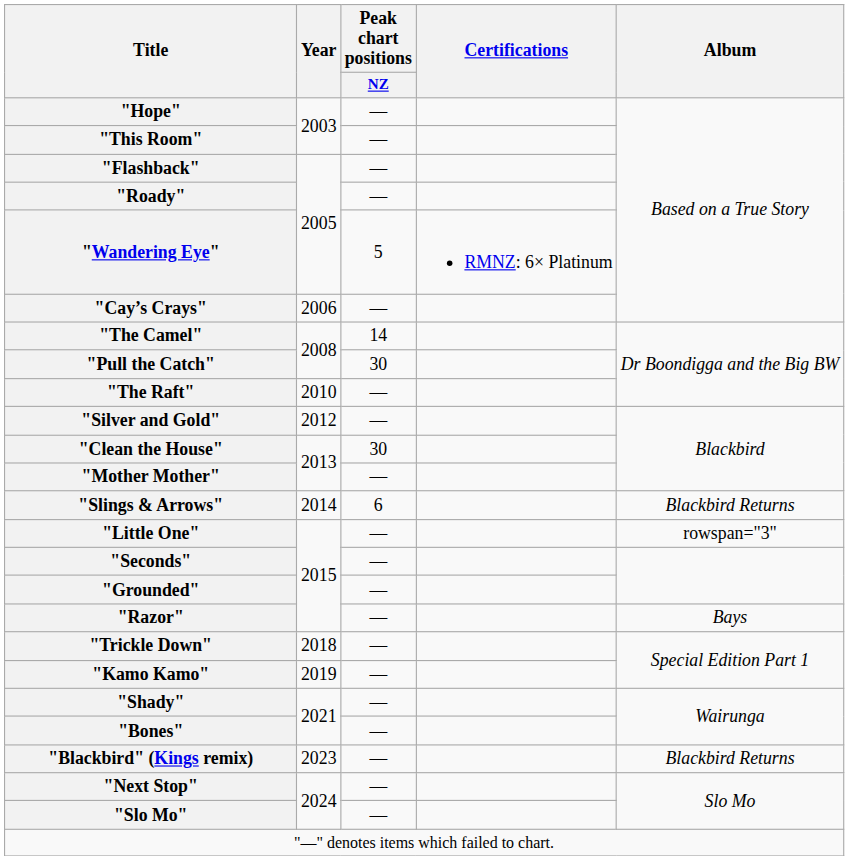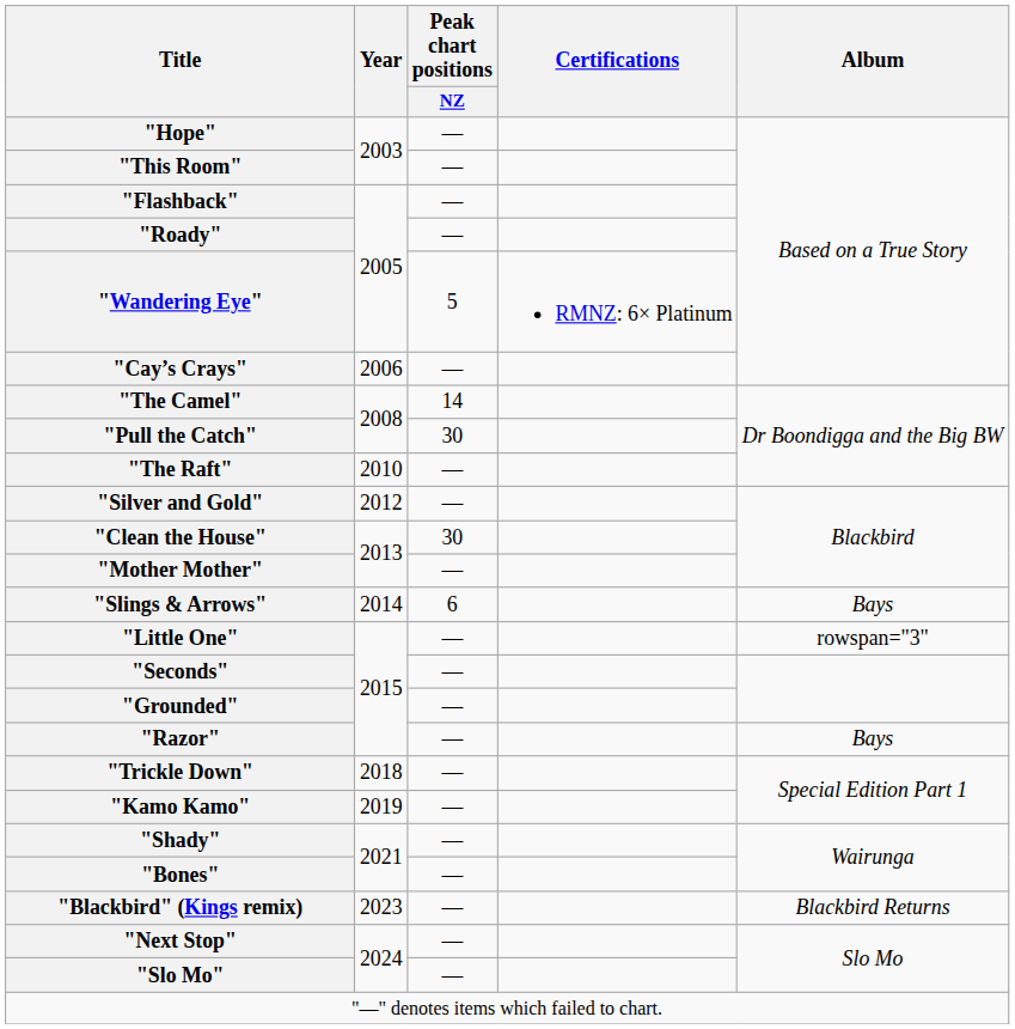 <table class="wikitable plainrowheaders" style="text-align: center;" border="1">
 <tr>
 <th scope="col" rowspan="2" style="width:16em;">Title</th>
 <th scope="col" rowspan="2" style="width:1em;">Year</th>
 <th scope="col" colspan="1">Peak chart positions</th>
 <th scope="col" rowspan="2"><a href='#'>Certifications</a></th>
 <th scope="col" rowspan="2">Album</th>
 </tr>
 <tr>
 <th scope="col" style="width:2.75em;font-size:85%;"><a href='#'>NZ</a><br></th>
 </tr>
 <tr>
 <th scope="row">"Hope"</th>
 <td rowspan="2">2003</td>
 <td>—</td>
 <td></td>
 <td rowspan="6"><em>Based on a True Story</em></td>
 </tr>
 <tr>
 <th scope="row">"This Room"<br></th>
 <td>—</td>
 <td></td>
 </tr>
 <tr>
 <th scope="row">"Flashback"</th>
 <td rowspan="3">2005</td>
 <td>—</td>
 <td></td>
 </tr>
 <tr>
 <th scope="row">"Roady"</th>
 <td>—</td>
 <td></td>
 </tr>
 <tr>
 <th scope="row">"<a href='#'>Wandering Eye</a>"</th>
 <td>5</td>
 <td><br><ul><li><a href='#'>RMNZ</a>: 6× Platinum</li></ul></td>
 </tr>
 <tr>
 <th scope="row">"Cay’s Crays"</th>
 <td>2006</td>
 <td>—</td>
 <td></td>
 </tr>
 <tr>
 <th scope="row">"The Camel"<br></th>
 <td rowspan="2">2008</td>
 <td>14</td>
 <td></td>
 <td rowspan="3"><em>Dr Boondigga and the Big BW</em></td>
 </tr>
 <tr>
 <th scope="row">"Pull the Catch"</th>
 <td>30</td>
 <td></td>
 </tr>
 <tr>
 <th scope="row">"The Raft"</th>
 <td>2010</td>
 <td>—</td>
 <td></td>
 </tr>
 <tr>
 <th scope="row">"Silver and Gold"</th>
 <td>2012</td>
 <td>—</td>
 <td></td>
 <td rowspan="3"><em>Blackbird</em></td>
 </tr>
 <tr>
 <th scope="row">"Clean the House"</th>
 <td rowspan="2">2013</td>
 <td>30</td>
 <td></td>
 </tr>
 <tr>
 <th scope="row">"Mother Mother"</th>
 <td>—</td>
 <td></td>
 </tr>
 <tr>
 <th scope="row">"Slings & Arrows"</th>
 <td>2014</td>
 <td>6</td>
 <td></td>
-<td><em>Blackbird Returns</em></td>
+<td><em>Bays</em></td>
 </tr>
 <tr>
 <th scope="row">"Little One"</th>
 <td rowspan="4">2015</td>
 <td>—</td>
 <td></td>
 <td>rowspan="3" </td>
 </tr>
 <tr>
 <th scope="row">"Seconds"<br></th>
 <td>—</td>
 <td></td>
 </tr>
 <tr>
 <th scope="row">"Grounded"<br></th>
 <td>—</td>
 <td></td>
 </tr>
 <tr>
 <th scope="row">"Razor"</th>
 <td>—</td>
 <td></td>
 <td><em>Bays</em></td>
 </tr>
 <tr>
 <th scope="row">"Trickle Down"</th>
 <td>2018</td>
 <td>—</td>
 <td></td>
 <td rowspan="2"><em>Special Edition Part 1</em></td>
 </tr>
 <tr>
 <th scope="row">"Kamo Kamo"</th>
 <td>2019</td>
 <td>—</td>
 <td></td>
 </tr>
 <tr>
 <th scope="row">"Shady"</th>
 <td rowspan="2">2021</td>
 <td>—</td>
 <td></td>
 <td rowspan="2"><em>Wairunga</em></td>
 </tr>
 <tr>
 <th scope="row">"Bones"</th>
 <td>—</td>
 <td></td>
 </tr>
 <tr>
 <th scope="row">"Blackbird" (<a href='#'>Kings</a> remix)</th>
 <td>2023</td>
 <td>—</td>
 <td></td>
 <td><em>Blackbird Returns</em></td>
 </tr>
 <tr>
 <th scope="row">"Next Stop" </th>
 <td rowspan="2">2024</td>
 <td>—</td>
 <td></td>
 <td rowspan="2"><em>Slo Mo</em></td>
 </tr>
 <tr>
 <th scope="row">"Slo Mo"</th>
 <td>—</td>
 <td></td>
 </tr>
 <tr>
 <td colspan="11" align="center" style="font-size:90%;">"—" denotes items which failed to chart.</td>
 </tr>
 </table>
